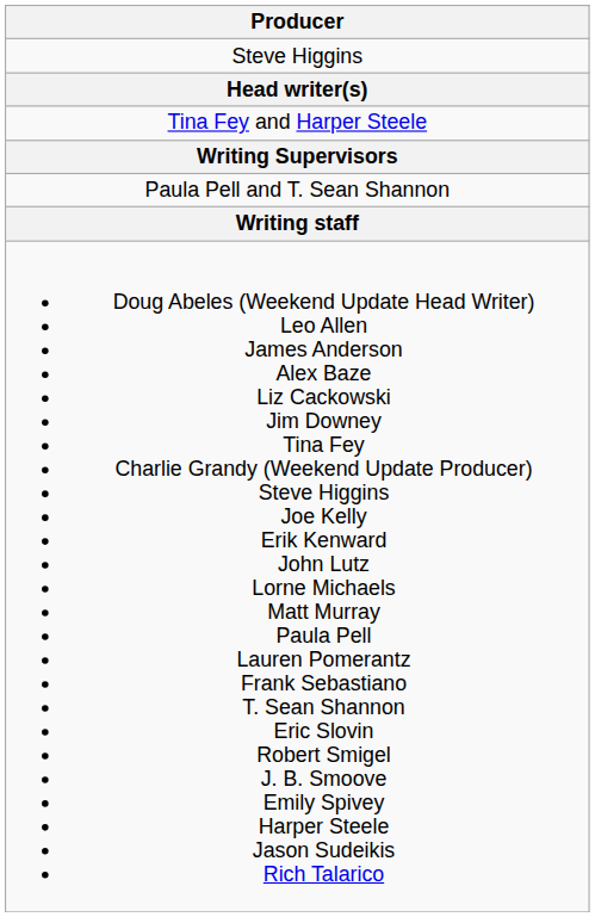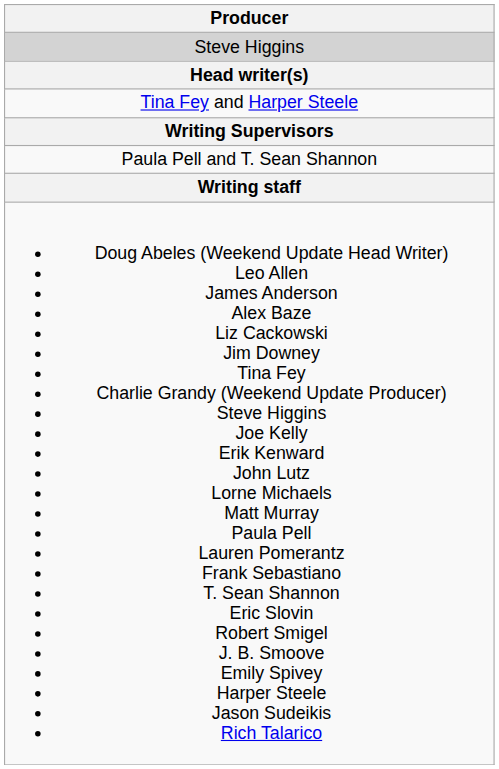 <table class="wikitable plainrowheaders"  style="text-align:center; width:50%;">
 <tr>
 <th><strong>Producer</strong></th>
 </tr>
 <tr>
-<td>Steve Higgins</td>
+<td style="background: lightgrey;">Steve Higgins</td>
 </tr>
 <tr>
 <th><strong>Head writer(s)</strong></th>
 </tr>
 <tr>
 <td><a href='#'>Tina Fey</a> and <a href='#'>Harper Steele</a></td>
 </tr>
 <tr>
 <th><strong>Writing Supervisors</strong></th>
 </tr>
 <tr>
 <td>Paula Pell and T. Sean Shannon</td>
 </tr>
 <tr>
 <th><strong>Writing staff</strong></th>
 </tr>
 <tr>
 <td><br><ul><li>Doug Abeles (Weekend Update Head Writer)</li><li>Leo Allen</li><li>James Anderson</li><li>Alex Baze</li><li>Liz Cackowski</li><li>Jim Downey</li><li>Tina Fey</li><li>Charlie Grandy (Weekend Update Producer)</li><li>Steve Higgins</li><li>Joe Kelly</li><li>Erik Kenward</li><li>John Lutz</li><li>Lorne Michaels</li><li>Matt Murray</li><li>Paula Pell</li><li>Lauren Pomerantz</li><li>Frank Sebastiano</li><li>T. Sean Shannon</li><li>Eric Slovin</li><li>Robert Smigel</li><li>J. B. Smoove</li><li>Emily Spivey</li><li>Harper Steele</li><li>Jason Sudeikis</li><li><a href='#'>Rich Talarico</a></li></ul></td>
 </tr>
 </table>
